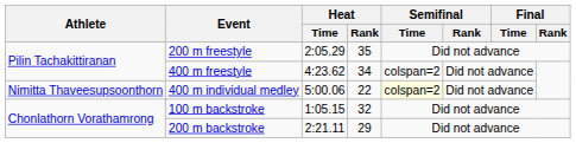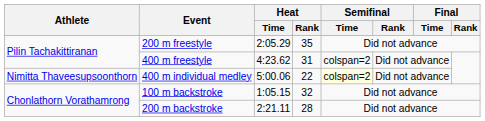 <table class=wikitable style="font-size:90%">
 <tr>
 <th rowspan="2">Athlete</th>
 <th rowspan="2">Event</th>
 <th colspan="2">Heat</th>
 <th colspan="2">Semifinal</th>
 <th colspan="2">Final</th>
 </tr>
 <tr style="font-size:95%">
 <th>Time</th>
 <th>Rank</th>
 <th>Time</th>
 <th>Rank</th>
 <th>Time</th>
 <th>Rank</th>
 </tr>
 <tr align=center>
 <td align=left rowspan=2><a href='#'>Pilin Tachakittiranan</a></td>
 <td align=left><a href='#'>200 m freestyle</a></td>
 <td>2:05.29</td>
 <td>35</td>
 <td colspan=4>Did not advance</td>
 </tr>
 <tr align=center>
 <td align=left><a href='#'>400 m freestyle</a></td>
 <td>4:23.62</td>
-<td>34</td>
+<td>31</td>
 <td>colspan=2 </td>
 <td colspan=2>Did not advance</td>
 </tr>
 <tr align=center>
 <td align=left><a href='#'>Nimitta Thaveesupsoonthorn</a></td>
 <td align=left><a href='#'>400 m individual medley</a></td>
 <td>5:00.06</td>
 <td>22</td>
 <td style="background: lightyellow;">colspan=2 </td>
 <td colspan=2>Did not advance</td>
 </tr>
 <tr align=center>
 <td align=left rowspan=2><a href='#'>Chonlathorn Vorathamrong</a></td>
 <td align=left><a href='#'>100 m backstroke</a></td>
 <td>1:05.15</td>
 <td>32</td>
 <td colspan=4>Did not advance</td>
 </tr>
 <tr align=center>
 <td align=left><a href='#'>200 m backstroke</a></td>
 <td>2:21.11</td>
-<td>29</td>
+<td>28</td>
 <td colspan=4>Did not advance</td>
 </tr>
 </table>
